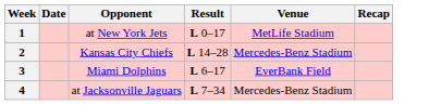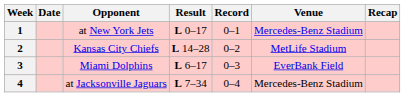 <table class="wikitable" style="text-align:center">
 <tr>
 <th>Week</th>
 <th>Date</th>
 <th>Opponent</th>
 <th>Result</th>
+<th>Record</th>
 <th>Venue</th>
 <th>Recap</th>
 </tr>
 <tr style="background:#fcc">
 <th>1</th>
 <td></td>
 <td>at <a href='#'>New York Jets</a></td>
 <td><strong>L</strong> 0–17</td>
-<td><a href='#'>MetLife Stadium</a></td>
+<td>0–1</td>
+<td><a href='#'>Mercedes-Benz Stadium</a></td>
 <td></td>
 </tr>
 <tr style="background:#fcc">
 <th>2</th>
 <td></td>
 <td><a href='#'>Kansas City Chiefs</a></td>
 <td><strong>L</strong> 14–28</td>
-<td><a href='#'>Mercedes-Benz Stadium</a></td>
+<td>0–2</td>
+<td><a href='#'>MetLife Stadium</a></td>
 <td></td>
 </tr>
 <tr style="background:#fcc">
 <th>3</th>
 <td></td>
 <td><a href='#'>Miami Dolphins</a></td>
 <td><strong>L</strong> 6–17</td>
+<td>0–3</td>
 <td><a href='#'>EverBank Field</a></td>
 <td></td>
 </tr>
 <tr style="background:#fcc">
 <th>4</th>
 <td></td>
 <td>at <a href='#'>Jacksonville Jaguars</a></td>
 <td><strong>L</strong> 7–34</td>
+<td>0–4</td>
 <td>Mercedes-Benz Stadium</td>
 <td></td>
 </tr>
 </table>
